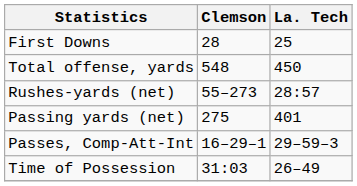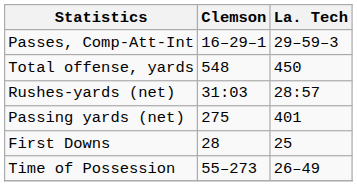 <table class="wikitable">
 <tr>
 <th>Statistics</th>
 <th>Clemson</th>
 <th>La. Tech</th>
 </tr>
 <tr>
-<td>First Downs</td>
-<td>28</td>
-<td>25</td>
+<td>Passes, Comp-Att-Int</td>
+<td>16–29–1</td>
+<td>29–59–3</td>
 </tr>
 <tr>
 <td>Total offense, yards</td>
 <td>548</td>
 <td>450</td>
 </tr>
 <tr>
 <td>Rushes-yards (net)</td>
-<td>55–273</td>
+<td>31:03</td>
 <td>28:57</td>
 </tr>
 <tr>
 <td>Passing yards (net)</td>
 <td>275</td>
 <td>401</td>
 </tr>
 <tr>
-<td>Passes, Comp-Att-Int</td>
-<td>16–29–1</td>
-<td>29–59–3</td>
+<td>First Downs</td>
+<td>28</td>
+<td>25</td>
 </tr>
 <tr>
 <td>Time of Possession</td>
-<td>31:03</td>
+<td>55–273</td>
 <td>26–49</td>
 </tr>
 <tr>
 </tr>
 </table>
